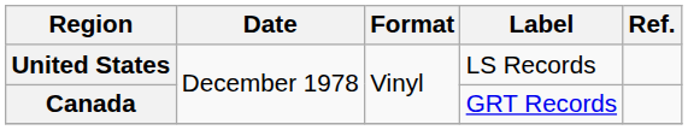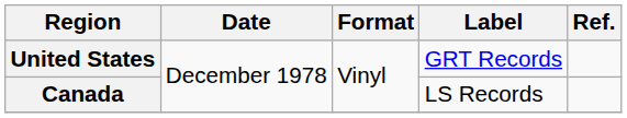 <table class="wikitable plainrowheaders">
 <tr>
 <th scope="col">Region</th>
 <th scope="col">Date</th>
 <th scope="col">Format</th>
 <th scope="col">Label</th>
 <th scope="col">Ref.</th>
 </tr>
 <tr>
 <th scope="row">United States</th>
 <td rowspan="2">December 1978</td>
 <td rowspan="2">Vinyl</td>
-<td>LS Records</td>
+<td><a href='#'>GRT Records</a></td>
 <td></td>
 </tr>
 <tr>
 <th scope="row">Canada</th>
-<td><a href='#'>GRT Records</a></td>
+<td>LS Records</td>
 <td></td>
 </tr>
 <tr>
 </tr>
 </table>
